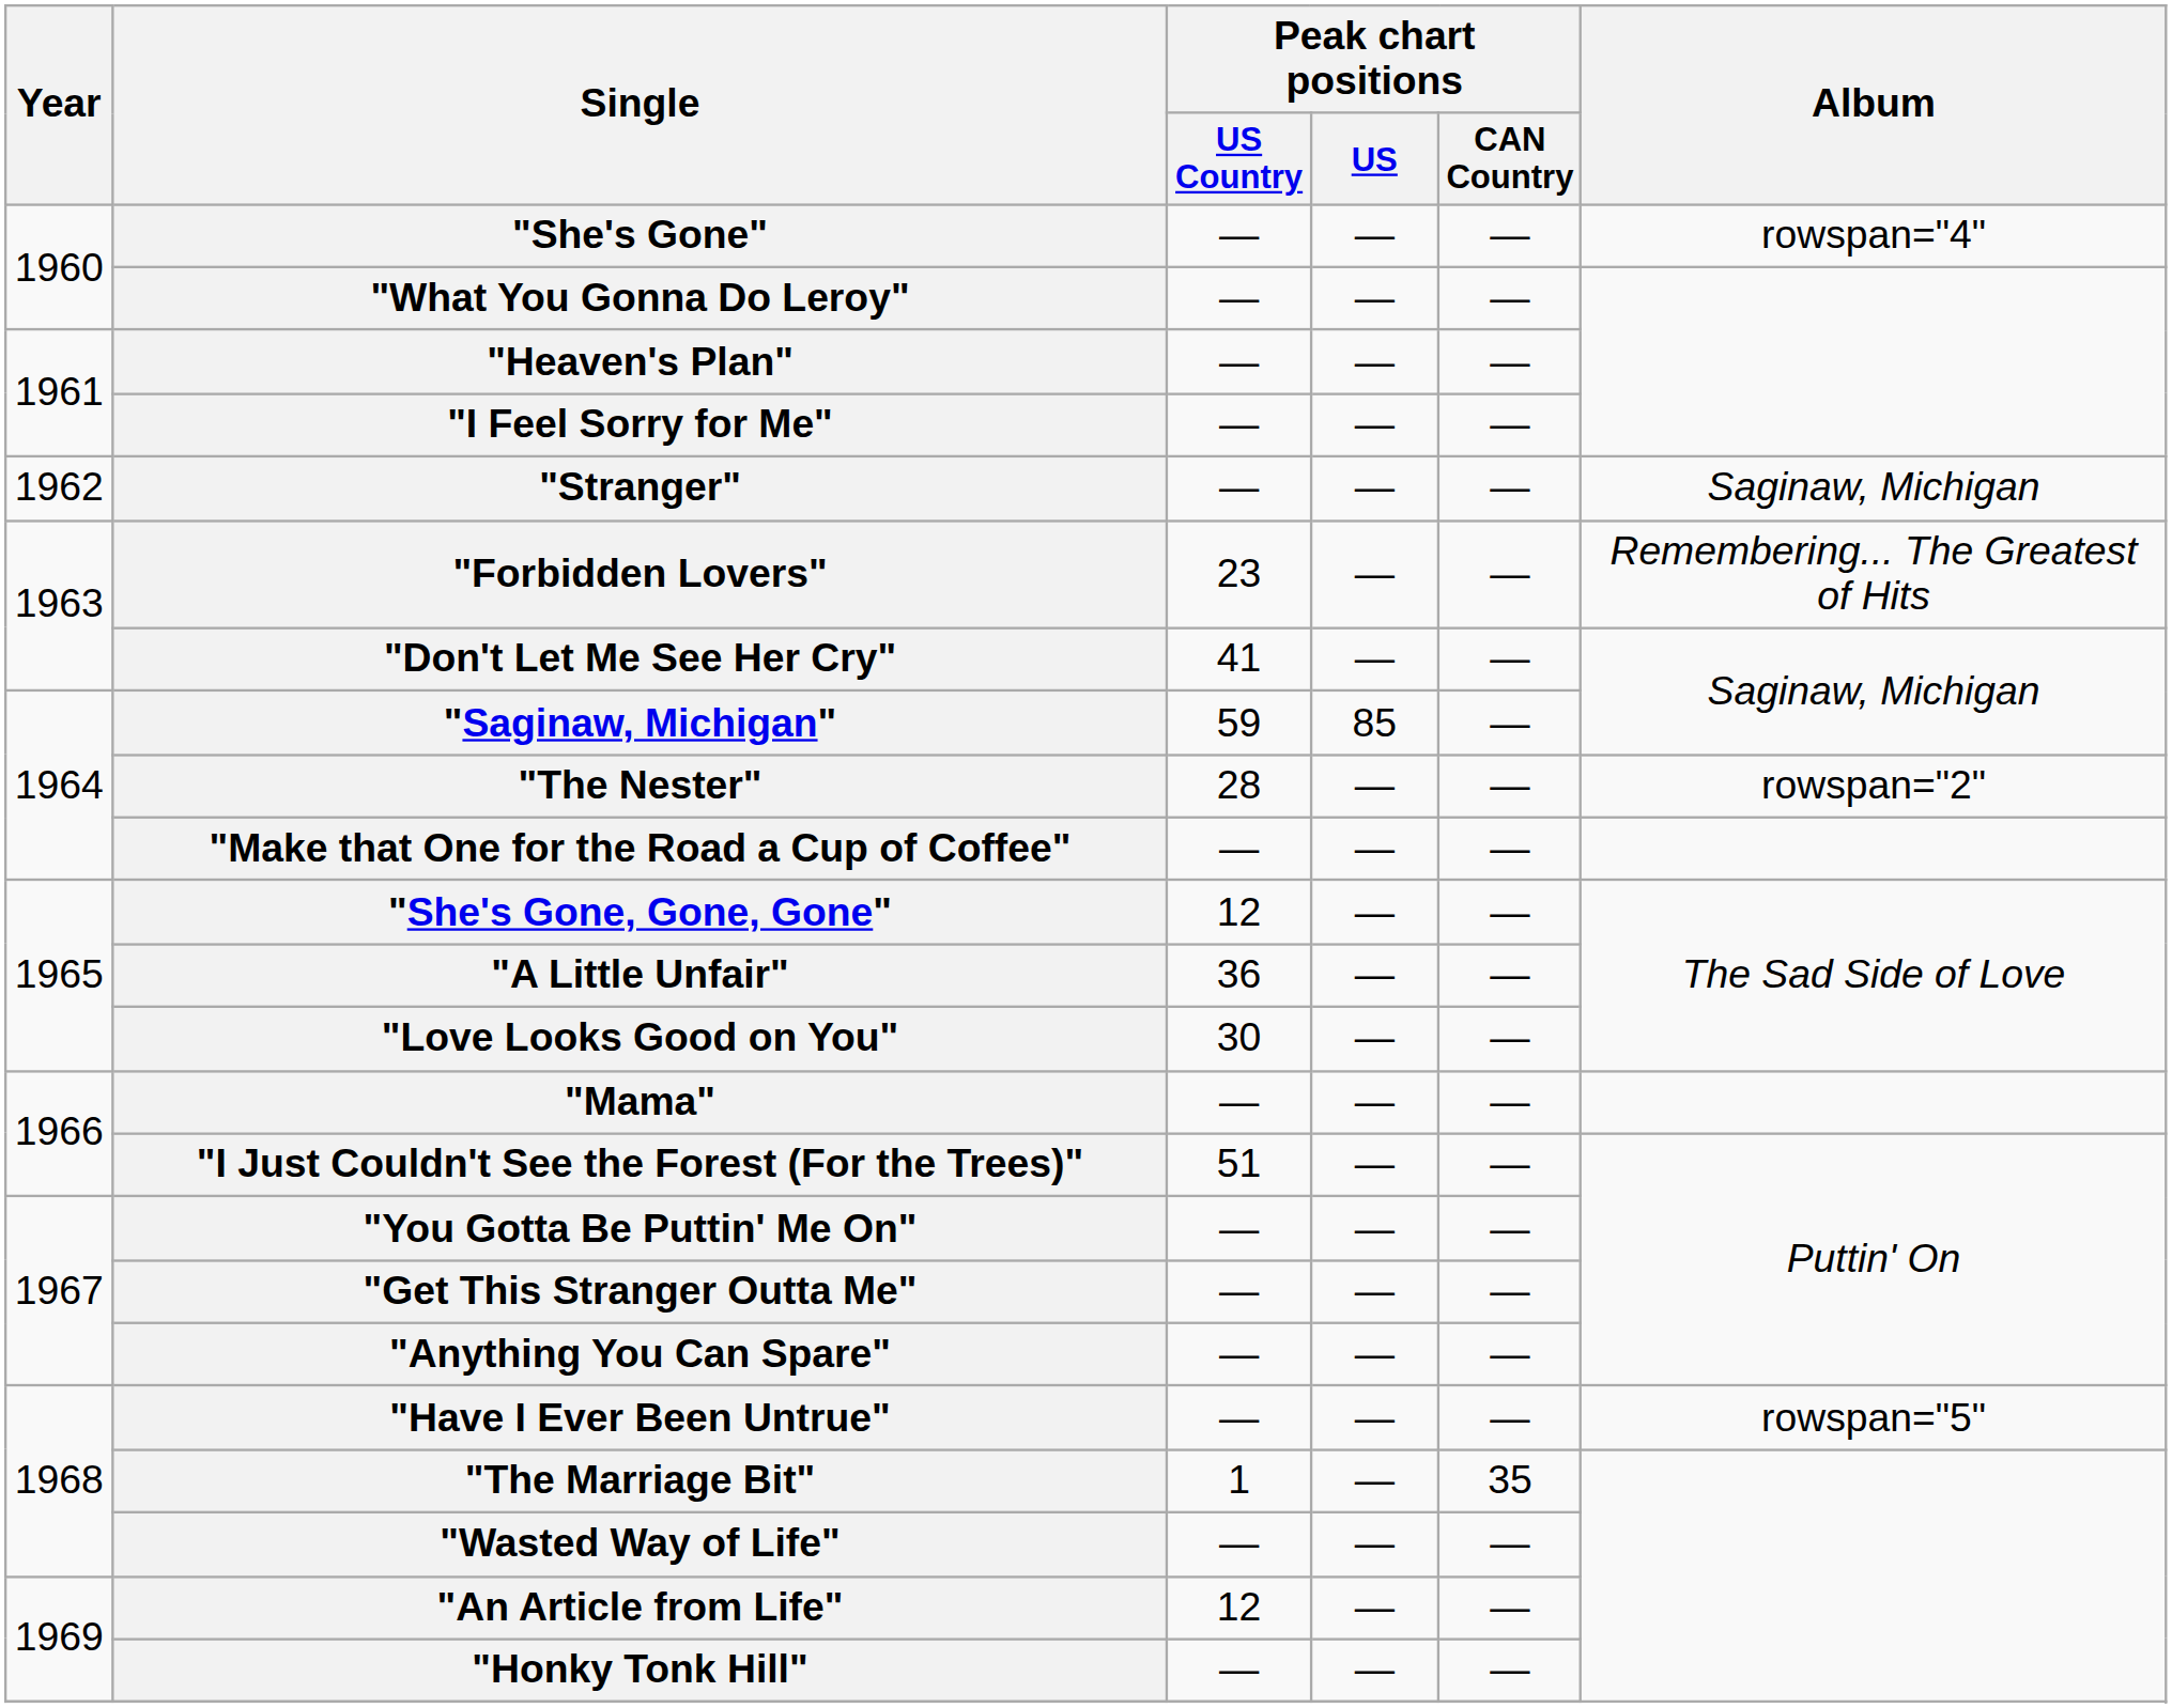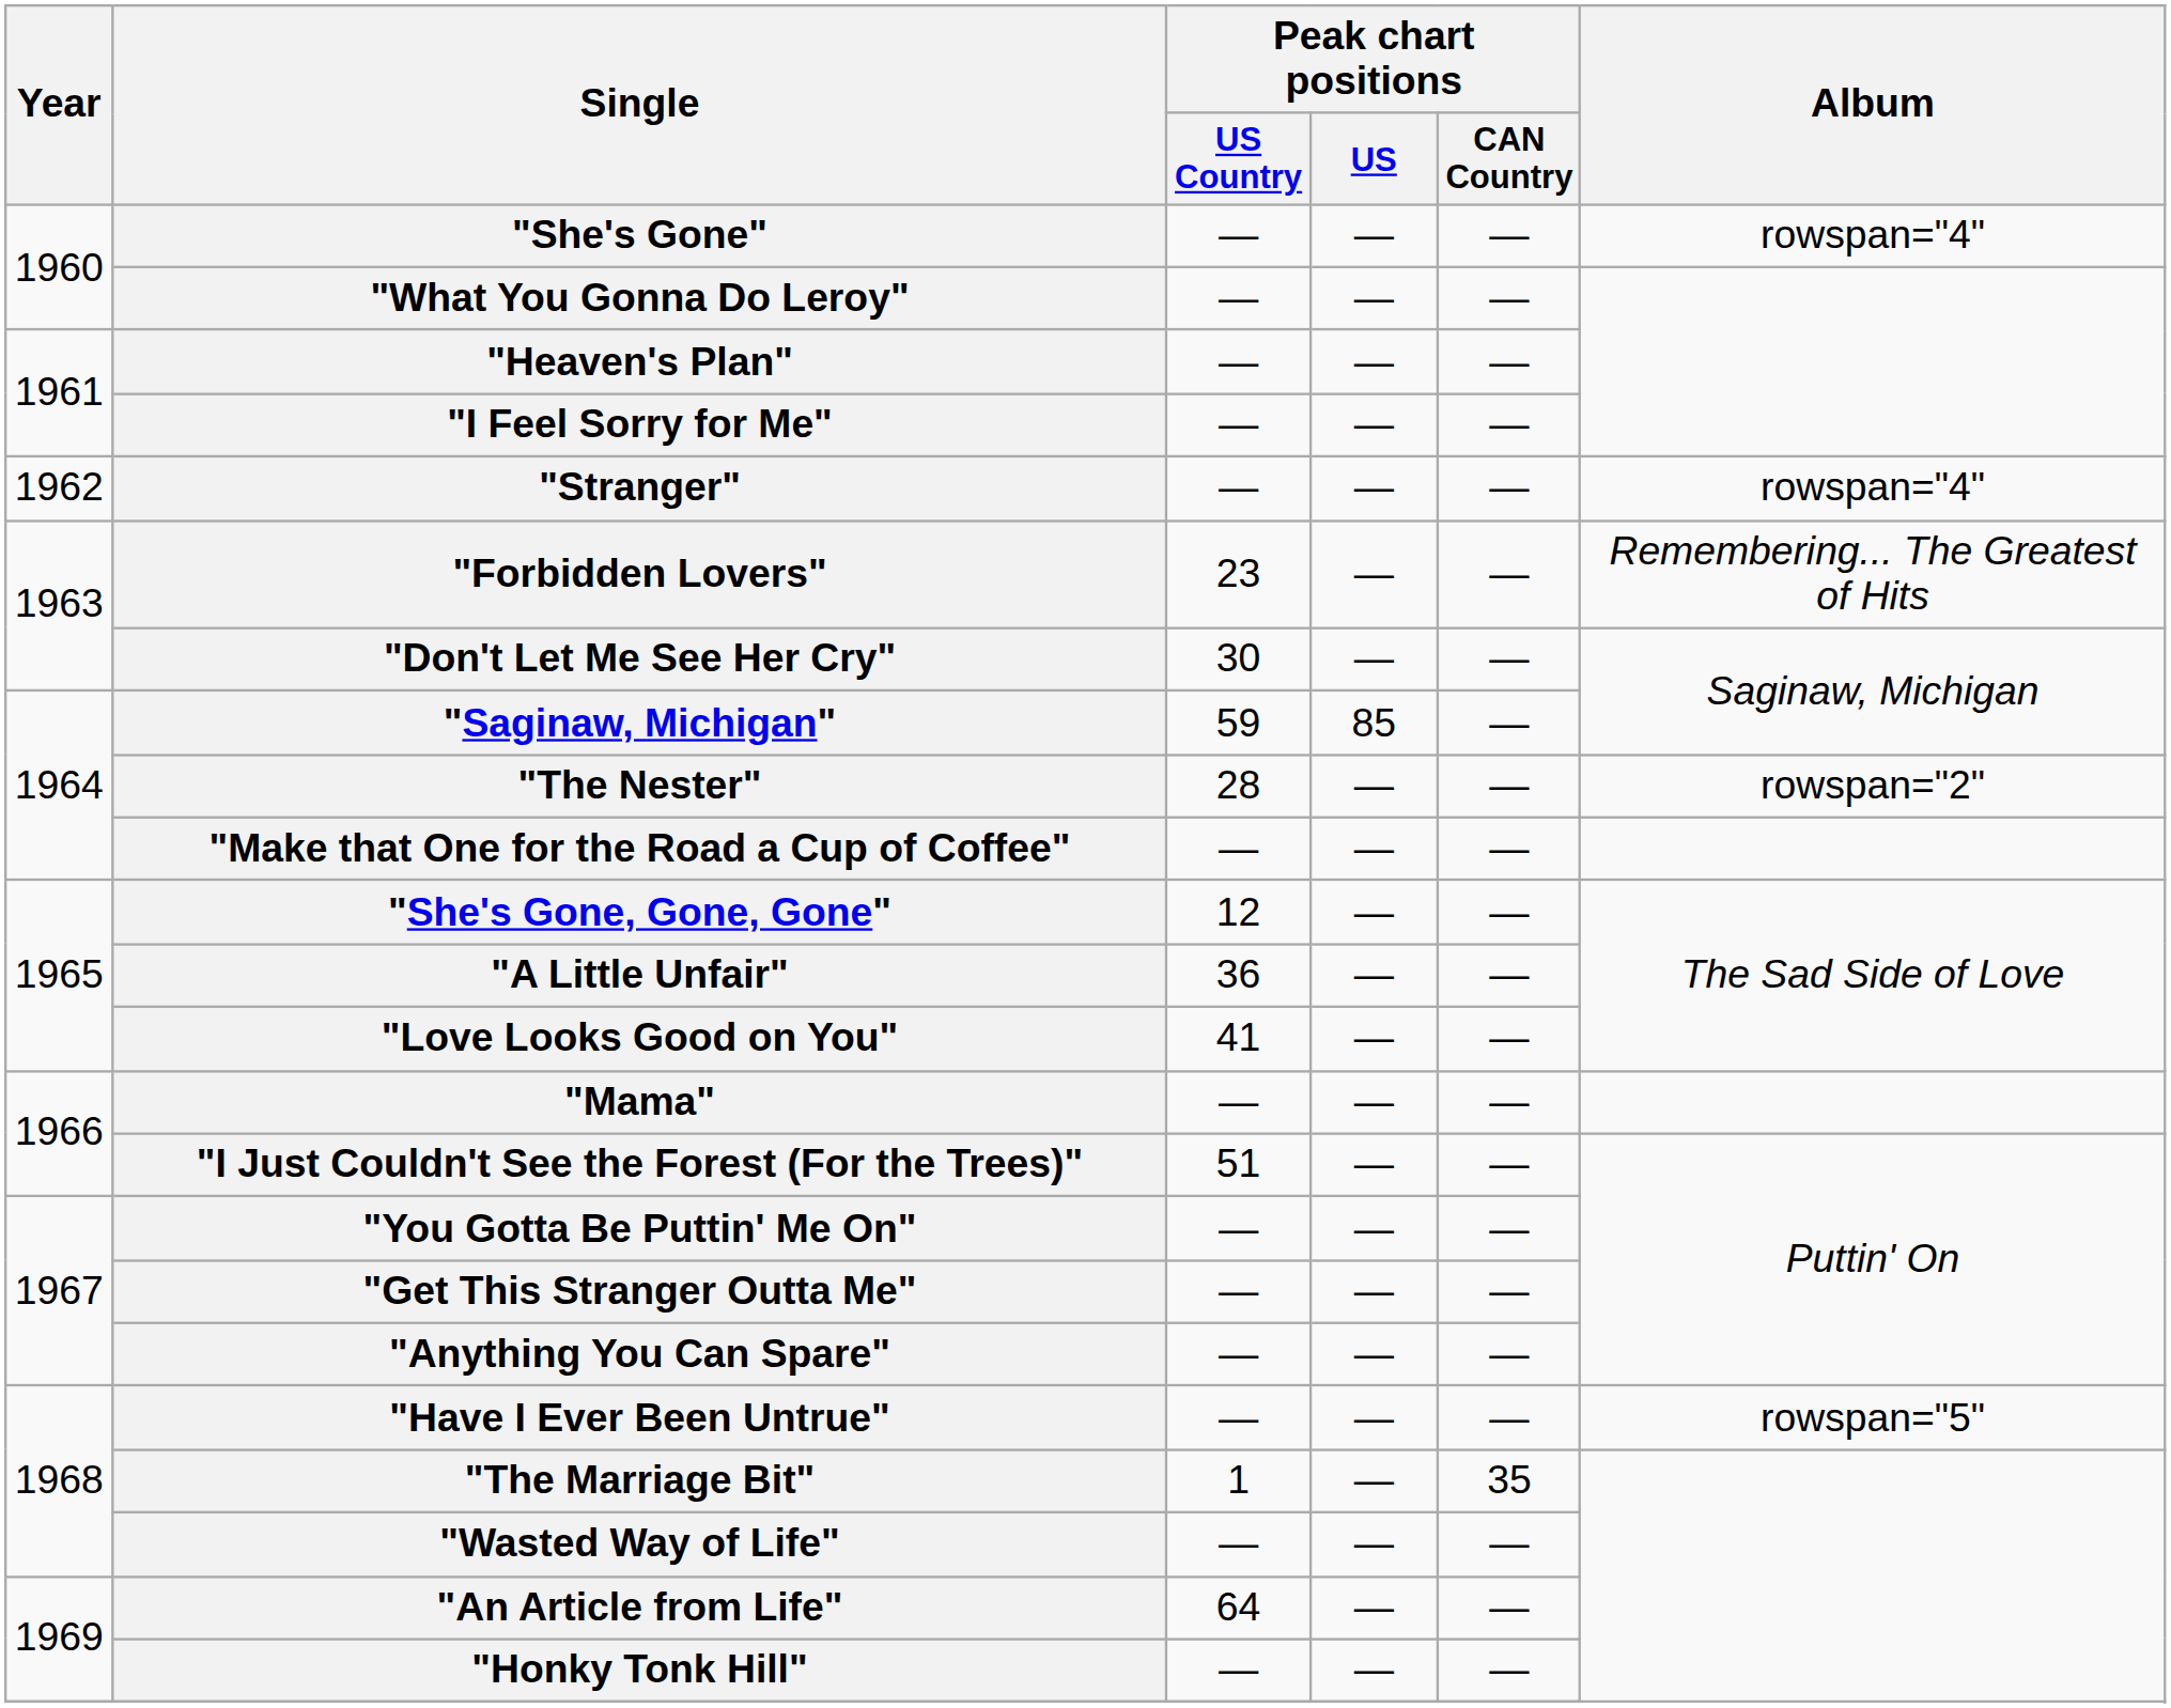 <table class="wikitable plainrowheaders" style="text-align:center;">
 <tr>
 <th rowspan="2">Year</th>
 <th rowspan="2" style="width:26em;">Single</th>
 <th colspan="3">Peak chart<br>positions</th>
 <th rowspan="2">Album</th>
 </tr>
 <tr style="font-size:smaller;">
 <th width="45"><a href='#'>US Country</a></th>
 <th width="45"><a href='#'>US</a></th>
 <th width="45">CAN Country</th>
 </tr>
 <tr>
 <td rowspan="2">1960</td>
 <th scope="row">"She's Gone"</th>
 <td>—</td>
 <td>—</td>
 <td>—</td>
 <td>rowspan="4" </td>
 </tr>
 <tr>
 <th scope="row">"What You Gonna Do Leroy"</th>
 <td>—</td>
 <td>—</td>
 <td>—</td>
 </tr>
 <tr>
 <td rowspan="2">1961</td>
 <th scope="row">"Heaven's Plan"</th>
 <td>—</td>
 <td>—</td>
 <td>—</td>
 </tr>
 <tr>
 <th scope="row">"I Feel Sorry for Me"</th>
 <td>—</td>
 <td>—</td>
 <td>—</td>
 </tr>
 <tr>
 <td align="row">1962</td>
 <th scope="row">"Stranger"</th>
 <td>—</td>
 <td>—</td>
 <td>—</td>
-<td align="row"><em>Saginaw, Michigan</em></td>
+<td>rowspan="4" </td>
 </tr>
 <tr>
 <td rowspan="2">1963</td>
 <th scope="row">"Forbidden Lovers"</th>
 <td>23</td>
 <td>—</td>
 <td>—</td>
 <td align="row"><em>Remembering... The Greatest of Hits</em></td>
 </tr>
 <tr>
 <th scope="row">"Don't Let Me See Her Cry"</th>
-<td>41</td>
+<td>30</td>
 <td>—</td>
 <td>—</td>
 <td rowspan="2"><em>Saginaw, Michigan</em></td>
 </tr>
 <tr>
 <td rowspan="3">1964</td>
 <th scope="row">"<a href='#'>Saginaw, Michigan</a>"</th>
 <td>59</td>
 <td>85</td>
 <td>—</td>
 </tr>
 <tr>
 <th scope="row">"The Nester"</th>
 <td>28</td>
 <td>—</td>
 <td>—</td>
 <td>rowspan="2" </td>
 </tr>
 <tr>
 <th scope="row">"Make that One for the Road a Cup of Coffee"</th>
 <td>—</td>
 <td>—</td>
 <td>—</td>
 </tr>
 <tr>
 <td rowspan="3">1965</td>
 <th scope="row">"<a href='#'>She's Gone, Gone, Gone</a>"</th>
 <td>12</td>
 <td>—</td>
 <td>—</td>
 <td rowspan="3"><em>The Sad Side of Love</em></td>
 </tr>
 <tr>
 <th scope="row">"A Little Unfair"</th>
 <td>36</td>
 <td>—</td>
 <td>—</td>
 </tr>
 <tr>
 <th scope="row">"Love Looks Good on You"</th>
-<td>30</td>
+<td>41</td>
 <td>—</td>
 <td>—</td>
 </tr>
 <tr>
 <td rowspan="2">1966</td>
 <th scope="row">"Mama"</th>
 <td>—</td>
 <td>—</td>
 <td>—</td>
 <td></td>
 </tr>
 <tr>
 <th scope="row">"I Just Couldn't See the Forest (For the Trees)"</th>
 <td>51</td>
 <td>—</td>
 <td>—</td>
 <td rowspan="4"><em>Puttin' On</em></td>
 </tr>
 <tr>
 <td rowspan="3">1967</td>
 <th scope="row">"You Gotta Be Puttin' Me On"</th>
 <td>—</td>
 <td>—</td>
 <td>—</td>
 </tr>
 <tr>
 <th scope="row">"Get This Stranger Outta Me"</th>
 <td>—</td>
 <td>—</td>
 <td>—</td>
 </tr>
 <tr>
 <th scope="row">"Anything You Can Spare"</th>
 <td>—</td>
 <td>—</td>
 <td>—</td>
 </tr>
 <tr>
 <td rowspan="3">1968</td>
 <th scope="row">"Have I Ever Been Untrue"</th>
 <td>—</td>
 <td>—</td>
 <td>—</td>
 <td>rowspan="5" </td>
 </tr>
 <tr>
 <th scope="row">"The Marriage Bit"</th>
 <td>1</td>
 <td>—</td>
 <td>35</td>
 </tr>
 <tr>
 <th scope="row">"Wasted Way of Life"</th>
 <td>—</td>
 <td>—</td>
 <td>—</td>
 </tr>
 <tr>
 <td rowspan="2">1969</td>
 <th scope="row">"An Article from Life"</th>
-<td>12</td>
+<td>64</td>
 <td>—</td>
 <td>—</td>
 </tr>
 <tr>
 <th scope="row">"Honky Tonk Hill"</th>
 <td>—</td>
 <td>—</td>
 <td>—</td>
 </tr>
 <tr>
 </tr>
 </table>
